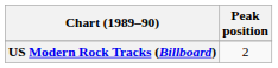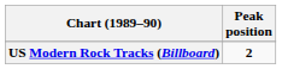 <table class="wikitable sortable plainrowheaders" style="text-align:center">
 <tr>
 <th>Chart (1989–90)</th>
 <th>Peak<br>position</th>
 </tr>
 <tr>
 </tr>
 <tr>
 <th scope="row">US <a href='#'>Modern Rock Tracks</a> (<em><a href='#'>Billboard</a></em>)</th>
-<td style="text-align:center;">2</td>
+<td style="text-align:center;"><strong>2</strong></td>
 </tr>
 </table>
